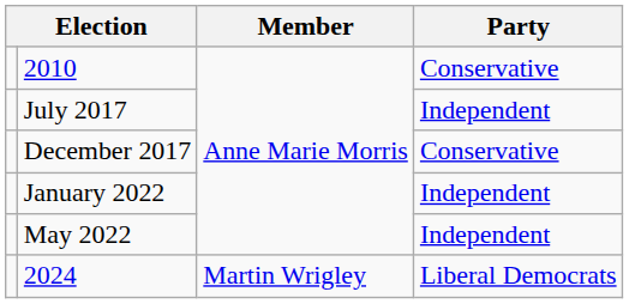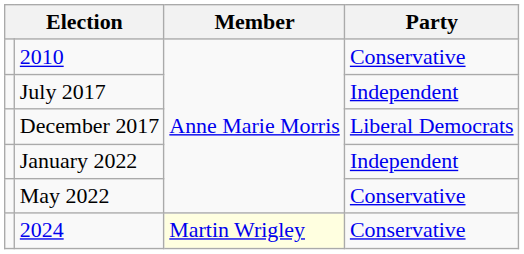 <table class="wikitable">
 <tr>
 <th colspan="2">Election</th>
 <th>Member</th>
 <th>Party</th>
 </tr>
 <tr>
 <td style="color:inherit;background-color: "></td>
 <td><a href='#'>2010</a></td>
 <td rowspan="5"><a href='#'>Anne Marie Morris</a></td>
 <td><a href='#'>Conservative</a></td>
 </tr>
 <tr>
 <td style="color:inherit;background-color: "></td>
 <td>July 2017</td>
 <td><a href='#'>Independent</a></td>
 </tr>
 <tr>
 <td style="color:inherit;background-color: "></td>
 <td>December 2017</td>
-<td><a href='#'>Conservative</a></td>
+<td><a href='#'>Liberal Democrats</a></td>
 </tr>
 <tr>
 <td style="color:inherit;background-color: "></td>
 <td>January 2022</td>
 <td><a href='#'>Independent</a></td>
 </tr>
 <tr>
 <td style="color:inherit;background-color: "></td>
 <td>May 2022</td>
-<td><a href='#'>Independent</a></td>
+<td><a href='#'>Conservative</a></td>
 </tr>
 <tr>
 <td style="color:inherit;background-color: "></td>
 <td><a href='#'>2024</a></td>
-<td><a href='#'>Martin Wrigley</a></td>
-<td><a href='#'>Liberal Democrats</a></td>
+<td style="background: lightyellow;"><a href='#'>Martin Wrigley</a></td>
+<td><a href='#'>Conservative</a></td>
 </tr>
 </table>
